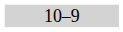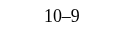 <table style="text-align:center">
 <tr>
 <th width=200></th>
 <th width=100></th>
 <th width=200></th>
 </tr>
 <tr>
 <td align=right><strong></strong></td>
-<td style="background: lightgrey;">10–9</td>
+<td>10–9</td>
 <td align=left></td>
 </tr>
 </table>
